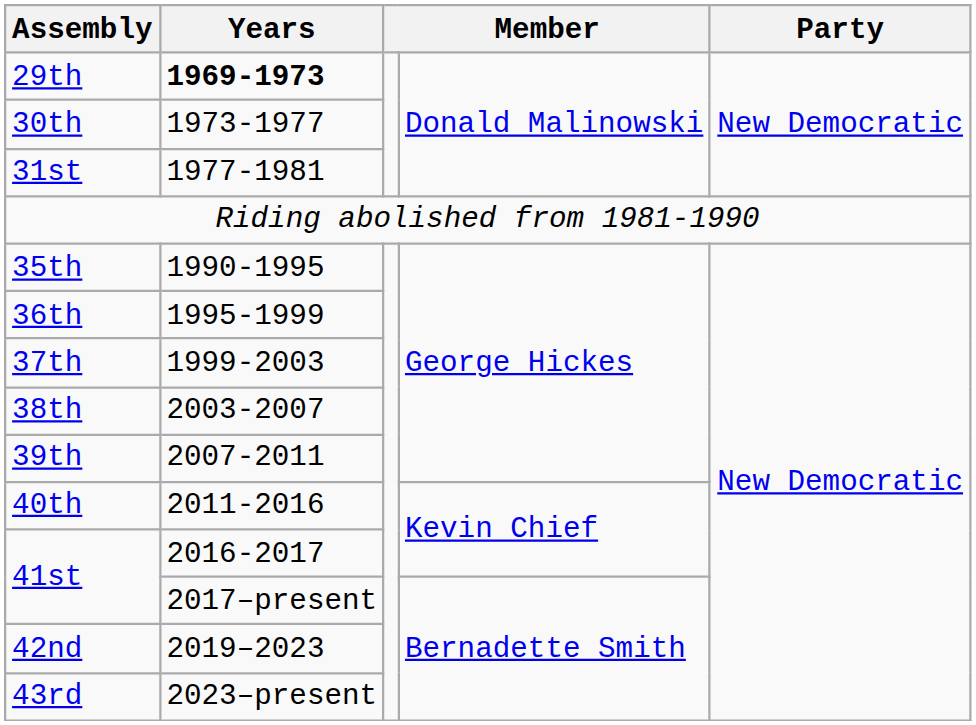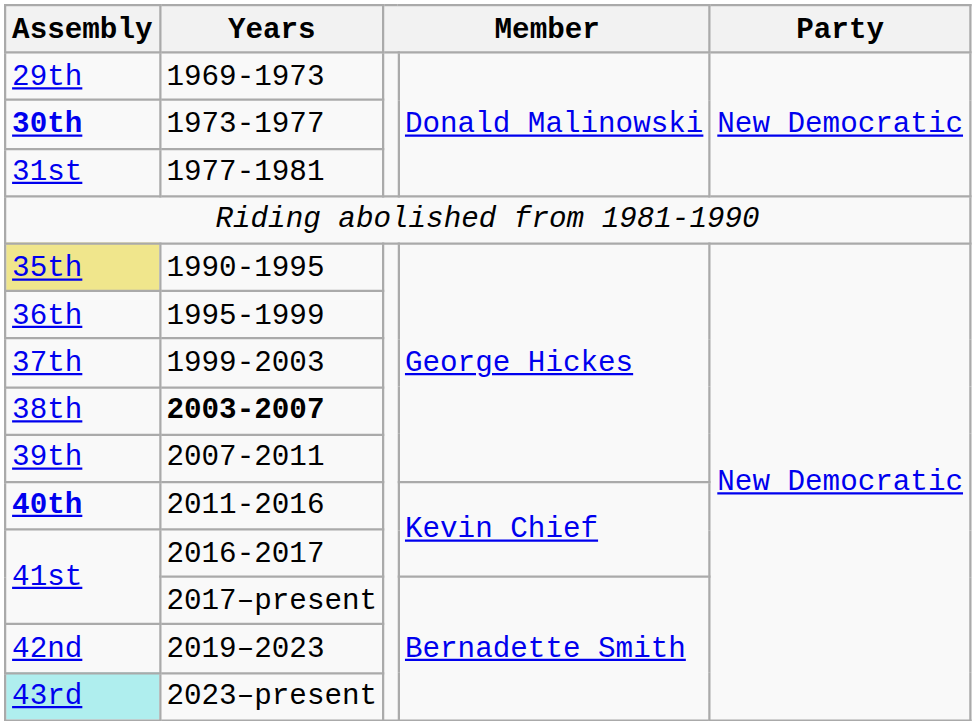 <table class="wikitable">
 <tr>
 <th>Assembly</th>
 <th>Years</th>
 <th colspan="2">Member</th>
 <th>Party<br></th>
 </tr>
 <tr>
 <td><a href='#'>29th</a></td>
-<td><strong>1969-1973</strong></td>
+<td>1969-1973</td>
 <td rowspan=3 ></td>
 <td rowspan=3><a href='#'>Donald Malinowski</a></td>
 <td rowspan=3><a href='#'>New Democratic</a></td>
 </tr>
 <tr>
-<td><a href='#'>30th</a></td>
+<td><strong><a href='#'>30th</a></strong></td>
 <td>1973-1977</td>
 </tr>
 <tr>
 <td><a href='#'>31st</a></td>
 <td>1977-1981</td>
 </tr>
 <tr>
 <td align="center" colspan=5><em>Riding abolished from 1981-1990</em></td>
 </tr>
 <tr>
-<td><a href='#'>35th</a></td>
+<td style="background: khaki;"><a href='#'>35th</a></td>
 <td>1990-1995</td>
 <td rowspan=10 ></td>
 <td rowspan=5><a href='#'>George Hickes</a></td>
 <td rowspan=10><a href='#'>New Democratic</a></td>
 </tr>
 <tr>
 <td><a href='#'>36th</a></td>
 <td>1995-1999</td>
 </tr>
 <tr>
 <td><a href='#'>37th</a></td>
 <td>1999-2003</td>
 </tr>
 <tr>
 <td><a href='#'>38th</a></td>
-<td>2003-2007</td>
+<td><strong>2003-2007</strong></td>
 </tr>
 <tr>
 <td><a href='#'>39th</a></td>
 <td>2007-2011</td>
 </tr>
 <tr>
-<td><a href='#'>40th</a></td>
+<td><strong><a href='#'>40th</a></strong></td>
 <td>2011-2016</td>
 <td rowspan=2><a href='#'>Kevin Chief</a></td>
 </tr>
 <tr>
 <td rowspan=2><a href='#'>41st</a></td>
 <td>2016-2017</td>
 </tr>
 <tr>
 <td>2017–present</td>
 <td rowspan=3><a href='#'>Bernadette Smith</a></td>
 </tr>
 <tr>
 <td><a href='#'>42nd</a></td>
 <td>2019–2023</td>
 </tr>
 <tr>
-<td><a href='#'>43rd</a></td>
+<td style="background: paleturquoise;"><a href='#'>43rd</a></td>
 <td>2023–present</td>
 </tr>
 </table>
